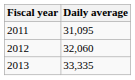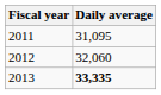 <table class="wikitable">
 <tr>
 <th>Fiscal year</th>
 <th>Daily average</th>
 </tr>
 <tr>
 <td>2011</td>
 <td>31,095</td>
 </tr>
 <tr>
 <td>2012</td>
 <td>32,060</td>
 </tr>
 <tr>
 <td>2013</td>
-<td>33,335</td>
+<td><strong>33,335</strong></td>
 </tr>
 </table>
